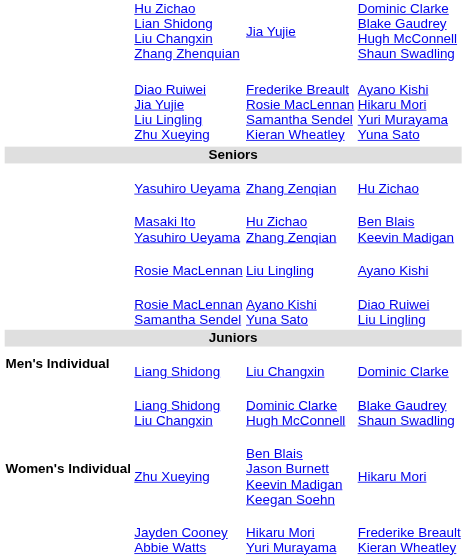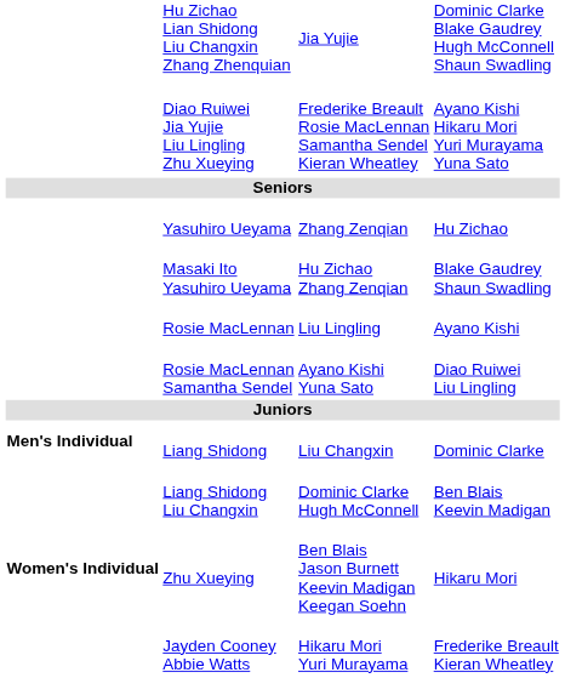 <table>
 <tr bgcolor="DFDFDF">
 </tr>
 <tr>
 <th scope=row style="text-align:left"><br></th>
 <td><br><a href='#'>Hu Zichao</a><br><a href='#'>Lian Shidong</a><br><a href='#'>Liu Changxin</a><br><a href='#'>Zhang Zhenquian</a></td>
 <td><br><a href='#'>Jia Yujie</a></td>
 <td><br><a href='#'>Dominic Clarke</a><br><a href='#'>Blake Gaudrey</a><br><a href='#'>Hugh McConnell</a><br><a href='#'>Shaun Swadling</a></td>
 </tr>
 <tr bgcolor="DFDFDF">
 </tr>
 <tr>
 <th scope=row style="text-align:left"><br></th>
 <td><br><a href='#'>Diao Ruiwei</a><br><a href='#'>Jia Yujie</a><br><a href='#'>Liu Lingling</a><br><a href='#'>Zhu Xueying</a></td>
 <td><br><a href='#'>Frederike Breault</a><br><a href='#'>Rosie MacLennan</a><br><a href='#'>Samantha Sendel</a><br><a href='#'>Kieran Wheatley</a></td>
 <td><br><a href='#'>Ayano Kishi</a><br><a href='#'>Hikaru Mori</a><br><a href='#'>Yuri Murayama</a><br><a href='#'>Yuna Sato</a></td>
 </tr>
 <tr>
 </tr>
 <tr bgcolor="DFDFDF">
 <td colspan="5" align="center"><strong>Seniors</strong></td>
 </tr>
 <tr>
 <th scope=row style="text-align:left"><br></th>
 <td><br><a href='#'>Yasuhiro Ueyama</a></td>
 <td><br><a href='#'>Zhang Zenqian</a></td>
 <td><br><a href='#'>Hu Zichao</a></td>
 </tr>
 <tr>
 <th scope=row style="text-align:left"><br></th>
 <td><br><a href='#'>Masaki Ito</a><br><a href='#'>Yasuhiro Ueyama</a></td>
 <td><br><a href='#'>Hu Zichao</a><br><a href='#'>Zhang Zenqian</a></td>
-<td><br><a href='#'>Ben Blais</a><br><a href='#'>Keevin Madigan</a></td>
+<td><br><a href='#'>Blake Gaudrey</a><br><a href='#'>Shaun Swadling</a></td>
 </tr>
 <tr>
 <th scope=row style="text-align:left"><br></th>
 <td><br><a href='#'>Rosie MacLennan</a></td>
 <td><br><a href='#'>Liu Lingling</a></td>
 <td><br><a href='#'>Ayano Kishi</a></td>
 </tr>
 <tr>
 <th scope=row style="text-align:left"><br></th>
 <td><br><a href='#'>Rosie MacLennan</a><br><a href='#'>Samantha Sendel</a></td>
 <td><br><a href='#'>Ayano Kishi</a><br><a href='#'>Yuna Sato</a></td>
 <td><br><a href='#'>Diao Ruiwei</a><br><a href='#'>Liu Lingling</a></td>
 </tr>
 <tr bgcolor="DFDFDF">
 <td colspan="5" align="center"><strong>Juniors</strong></td>
 </tr>
 <tr>
 <th scope=row style="text-align:left">Men's Individual<br></th>
 <td><br><a href='#'>Liang Shidong</a></td>
 <td><br><a href='#'>Liu Changxin</a></td>
 <td><br><a href='#'>Dominic Clarke</a></td>
 </tr>
 <tr>
 <th scope=row style="text-align:left"><br></th>
 <td><br><a href='#'>Liang Shidong</a><br><a href='#'>Liu Changxin</a></td>
 <td><br><a href='#'>Dominic Clarke</a><br><a href='#'>Hugh McConnell</a></td>
-<td><br><a href='#'>Blake Gaudrey</a><br><a href='#'>Shaun Swadling</a></td>
+<td><br><a href='#'>Ben Blais</a><br><a href='#'>Keevin Madigan</a></td>
 </tr>
 <tr>
 <th scope=row style="text-align:left">Women's Individual<br></th>
 <td><br><a href='#'>Zhu Xueying</a></td>
 <td><br><a href='#'>Ben Blais</a><br><a href='#'>Jason Burnett</a><br><a href='#'>Keevin Madigan</a><br><a href='#'>Keegan Soehn</a></td>
 <td><br><a href='#'>Hikaru Mori</a></td>
 </tr>
 <tr>
 <th scope=row style="text-align:left"><br></th>
 <td><br><a href='#'>Jayden Cooney</a><br><a href='#'>Abbie Watts</a></td>
 <td><br><a href='#'>Hikaru Mori</a><br><a href='#'>Yuri Murayama</a></td>
 <td><br><a href='#'>Frederike Breault</a><br><a href='#'>Kieran Wheatley</a></td>
 </tr>
 </table>
